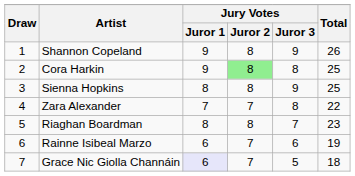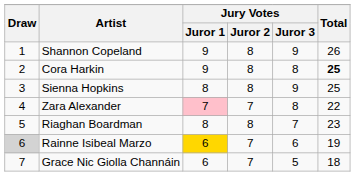 <table class="wikitable collapsible" style="float:right; margin:10px; text-align:center;">
 <tr>
 </tr>
 <tr>
 <th rowspan="2">Draw</th>
 <th rowspan="2">Artist</th>
 <th colspan="3">Jury Votes</th>
 <th rowspan="2">Total</th>
 </tr>
 <tr>
 <th>Juror 1</th>
 <th>Juror 2</th>
 <th>Juror 3</th>
 </tr>
 <tr>
 <td>1</td>
 <td style="text-align:left;">Shannon Copeland</td>
 <td>9</td>
 <td>8</td>
 <td>9</td>
 <td>26</td>
 </tr>
 <tr>
 <td>2</td>
 <td style="text-align:left;">Cora Harkin</td>
 <td>9</td>
-<td style="background: lightgreen;">8</td>
 <td>8</td>
-<td>25</td>
+<td>8</td>
+<td><strong>25</strong></td>
 </tr>
 <tr>
 <td>3</td>
 <td style="text-align:left;">Sienna Hopkins</td>
 <td>8</td>
 <td>8</td>
 <td>9</td>
 <td>25</td>
 </tr>
 <tr>
 <td>4</td>
 <td style="text-align:left;">Zara Alexander</td>
-<td>7</td>
+<td style="background: pink;">7</td>
 <td>7</td>
 <td>8</td>
 <td>22</td>
 </tr>
 <tr>
 <td>5</td>
 <td style="text-align:left;">Riaghan Boardman</td>
 <td>8</td>
 <td>8</td>
 <td>7</td>
 <td>23</td>
 </tr>
 <tr>
-<td>6</td>
+<td style="background: lightgrey;">6</td>
 <td style="text-align:left;">Rainne Isibeal Marzo</td>
-<td>6</td>
+<td style="background: gold;">6</td>
 <td>7</td>
 <td>6</td>
 <td>19</td>
 </tr>
 <tr>
 <td>7</td>
 <td style="text-align:left;">Grace Nic Giolla Channáin</td>
-<td style="background: lavender;">6</td>
+<td>6</td>
 <td>7</td>
 <td>5</td>
 <td>18</td>
 </tr>
 </table>
